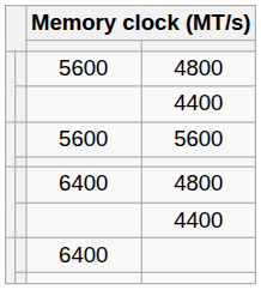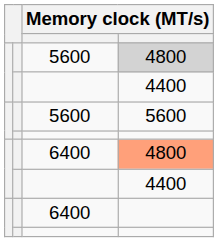 <table class="wikitable" style="text-align: center;">
 <tr>
 <th rowspan="2" colspan="2"></th>
 <th colspan="2">Memory clock (MT/s)</th>
 </tr>
 <tr>
 <th></th>
 <th></th>
 </tr>
 <tr>
 <th rowspan="2"></th>
 <th></th>
 <td>5600</td>
-<td>4800</td>
+<td style="background: lightgrey;">4800</td>
 </tr>
 <tr>
 <th></th>
 <td></td>
 <td>4400</td>
 </tr>
 <tr>
 <th rowspan="2"></th>
 <th></th>
 <td>5600</td>
 <td>5600</td>
 </tr>
 <tr>
 <th></th>
 <td></td>
 <td></td>
 </tr>
 <tr>
 <th rowspan="2"></th>
 <th></th>
 <td>6400</td>
-<td>4800</td>
+<td style="background: lightsalmon;">4800</td>
 </tr>
 <tr>
 <th></th>
 <td></td>
 <td>4400</td>
 </tr>
 <tr>
 <th rowspan="2"></th>
 <th></th>
 <td>6400</td>
 <td></td>
 </tr>
 <tr>
 <th></th>
 <td></td>
 <td></td>
 </tr>
 </table>
